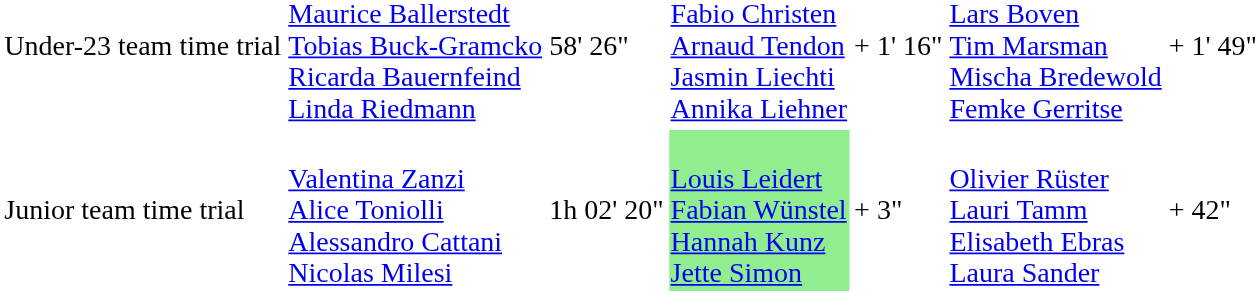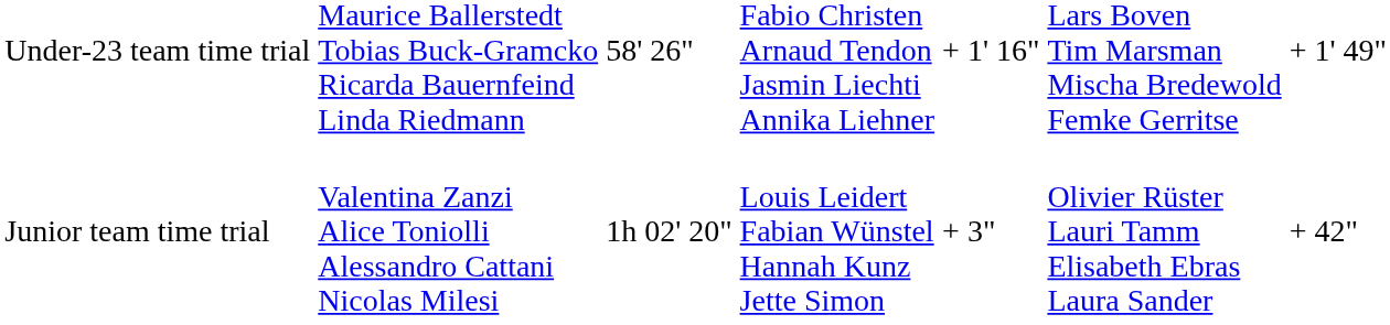 <table>
 <tr>
 <td>Under-23 team time trial</td>
 <td><br><a href='#'>Maurice Ballerstedt</a><br><a href='#'>Tobias Buck-Gramcko</a><br><a href='#'>Ricarda Bauernfeind</a><br><a href='#'>Linda Riedmann</a></td>
 <td>58' 26"</td>
 <td><br><a href='#'>Fabio Christen</a><br><a href='#'>Arnaud Tendon</a><br><a href='#'>Jasmin Liechti</a><br><a href='#'>Annika Liehner</a></td>
 <td>+ 1' 16"</td>
 <td><br><a href='#'>Lars Boven</a><br><a href='#'>Tim Marsman</a><br><a href='#'>Mischa Bredewold</a><br><a href='#'>Femke Gerritse</a></td>
 <td>+ 1' 49"</td>
 </tr>
 <tr>
 <td>Junior team time trial</td>
 <td><br><a href='#'>Valentina Zanzi</a><br><a href='#'>Alice Toniolli</a><br><a href='#'>Alessandro Cattani</a><br><a href='#'>Nicolas Milesi</a></td>
 <td>1h 02' 20"</td>
-<td style="background: lightgreen;"><br><a href='#'>Louis Leidert</a><br><a href='#'>Fabian Wünstel</a><br><a href='#'>Hannah Kunz</a><br><a href='#'>Jette Simon</a></td>
+<td><br><a href='#'>Louis Leidert</a><br><a href='#'>Fabian Wünstel</a><br><a href='#'>Hannah Kunz</a><br><a href='#'>Jette Simon</a></td>
 <td>+ 3"</td>
 <td><br><a href='#'>Olivier Rüster</a><br><a href='#'>Lauri Tamm</a><br><a href='#'>Elisabeth Ebras</a><br><a href='#'>Laura Sander</a></td>
 <td>+ 42"</td>
 </tr>
 </table>
